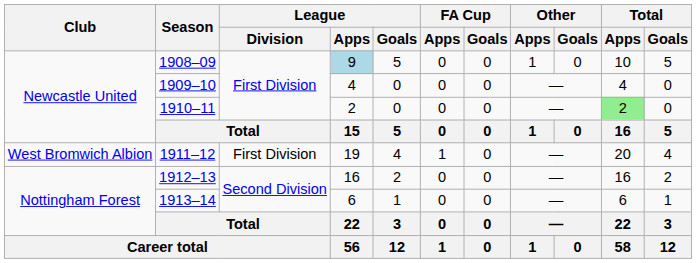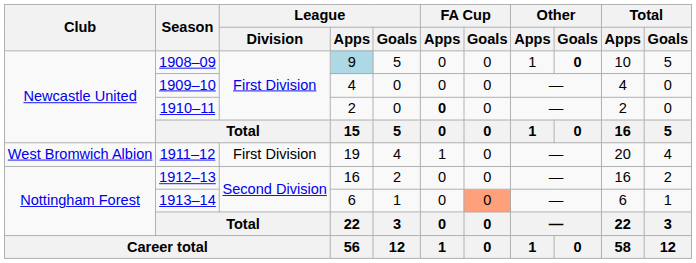 <table class="wikitable" style="text-align: center">
 <tr>
 <th rowspan="2">Club</th>
 <th rowspan="2">Season</th>
 <th colspan="3">League</th>
 <th colspan="2">FA Cup</th>
 <th colspan="2">Other</th>
 <th colspan="2">Total</th>
 </tr>
 <tr>
 <th>Division</th>
 <th>Apps</th>
 <th>Goals</th>
 <th>Apps</th>
 <th>Goals</th>
 <th>Apps</th>
 <th>Goals</th>
 <th>Apps</th>
 <th>Goals</th>
 </tr>
 <tr>
 <td rowspan="4"><a href='#'>Newcastle United</a></td>
 <td><a href='#'>1908–09</a></td>
 <td rowspan="3"><a href='#'>First Division</a></td>
 <td style="background: lightblue;">9</td>
 <td>5</td>
 <td>0</td>
 <td>0</td>
 <td>1</td>
-<td>0</td>
+<td><strong>0</strong></td>
 <td>10</td>
 <td>5</td>
 </tr>
 <tr>
 <td><a href='#'>1909–10</a></td>
 <td>4</td>
 <td>0</td>
 <td>0</td>
 <td>0</td>
 <td colspan="2">—</td>
 <td>4</td>
 <td>0</td>
 </tr>
 <tr>
 <td><a href='#'>1910–11</a></td>
 <td>2</td>
 <td>0</td>
-<td>0</td>
+<td><strong>0</strong></td>
 <td>0</td>
 <td colspan="2">—</td>
-<td style="background: lightgreen;">2</td>
+<td>2</td>
 <td>0</td>
 </tr>
 <tr>
 <th colspan="2">Total</th>
 <th>15</th>
 <th>5</th>
 <th>0</th>
 <th>0</th>
 <th>1</th>
 <th>0</th>
 <th>16</th>
 <th>5</th>
 </tr>
 <tr>
 <td><a href='#'>West Bromwich Albion</a></td>
 <td><a href='#'>1911–12</a></td>
 <td>First Division</td>
 <td>19</td>
 <td>4</td>
 <td>1</td>
 <td>0</td>
 <td colspan="2">—</td>
 <td>20</td>
 <td>4</td>
 </tr>
 <tr>
 <td rowspan="3"><a href='#'>Nottingham Forest</a></td>
 <td><a href='#'>1912–13</a></td>
 <td rowspan="2"><a href='#'>Second Division</a></td>
 <td>16</td>
 <td>2</td>
 <td>0</td>
 <td>0</td>
 <td colspan="2">—</td>
 <td>16</td>
 <td>2</td>
 </tr>
 <tr>
 <td><a href='#'>1913–14</a></td>
 <td>6</td>
 <td>1</td>
 <td>0</td>
-<td>0</td>
+<td style="background: lightsalmon;">0</td>
 <td colspan="2">—</td>
 <td>6</td>
 <td>1</td>
 </tr>
 <tr>
 <th colspan="2">Total</th>
 <th>22</th>
 <th>3</th>
 <th>0</th>
 <th>0</th>
 <th colspan="2">—</th>
 <th>22</th>
 <th>3</th>
 </tr>
 <tr>
 <th colspan="3">Career total</th>
 <th>56</th>
 <th>12</th>
 <th>1</th>
 <th>0</th>
 <th>1</th>
 <th>0</th>
 <th>58</th>
 <th>12</th>
 </tr>
 </table>
